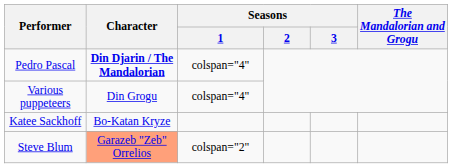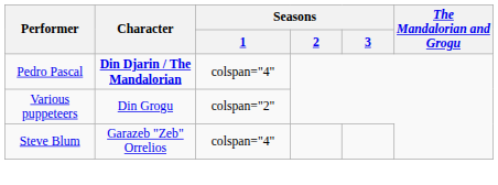 <table class="wikitable" style="text-align: center;">
 <tr>
 <th rowspan="2" style="width: 200px;">Performer</th>
 <th rowspan="2" style="width: 200px;">Character</th>
 <th colspan="3" style="width: 200px;">Seasons</th>
 <th rowspan="2" style="width: 200px;"><em><a href='#'>The Mandalorian and Grogu</a></em></th>
 </tr>
 <tr>
 <th style="width: 200px;"><a href='#'>1</a></th>
 <th style="width: 200px;"><a href='#'>2</a></th>
 <th style="width: 200px;"><a href='#'>3</a></th>
 </tr>
 <tr>
 <td><a href='#'>Pedro Pascal</a></td>
 <td><strong><a href='#'>Din Djarin / The Mandalorian</a></strong></td>
 <td>colspan="4" </td>
 </tr>
 <tr>
 <td><a href='#'>Various puppeteers</a></td>
 <td><a href='#'>Din Grogu</a></td>
-<td>colspan="4" </td>
-</tr>
-<tr>
-<td><a href='#'>Katee Sackhoff</a></td>
-<td><a href='#'>Bo-Katan Kryze</a></td>
-<td></td>
-<td></td>
-<td></td>
-<td></td>
+<td>colspan="2" </td>
 </tr>
 <tr>
 <td><a href='#'>Steve Blum</a> </td>
-<td style="background: lightsalmon;"><a href='#'>Garazeb "Zeb" Orrelios</a></td>
-<td>colspan="2" </td>
+<td><a href='#'>Garazeb "Zeb" Orrelios</a></td>
+<td>colspan="4" </td>
 <td></td>
 <td></td>
 </tr>
 </table>
